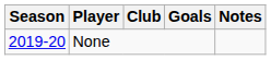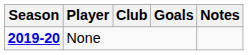 <table class="wikitable sortable" style="text-align:center">
 <tr>
 <th>Season</th>
 <th>Player</th>
 <th>Club</th>
 <th>Goals</th>
 <th>Notes</th>
 </tr>
 <tr>
-<td><a href='#'>2019-20</a></td>
+<td><strong><a href='#'>2019-20</a></strong></td>
 <td align="left" colspan=3>None</td>
 <td align="left"></td>
 </tr>
 </table>
